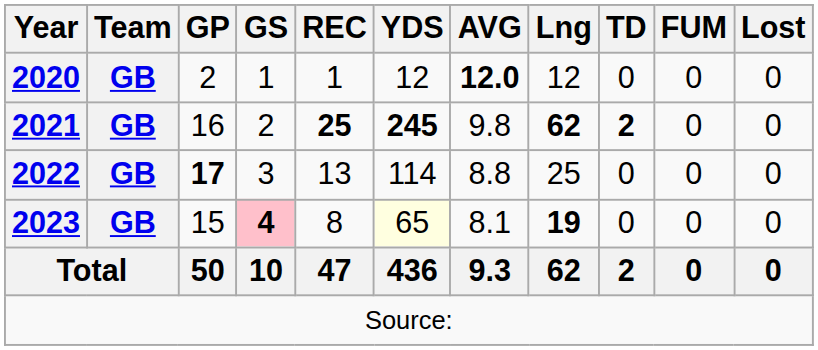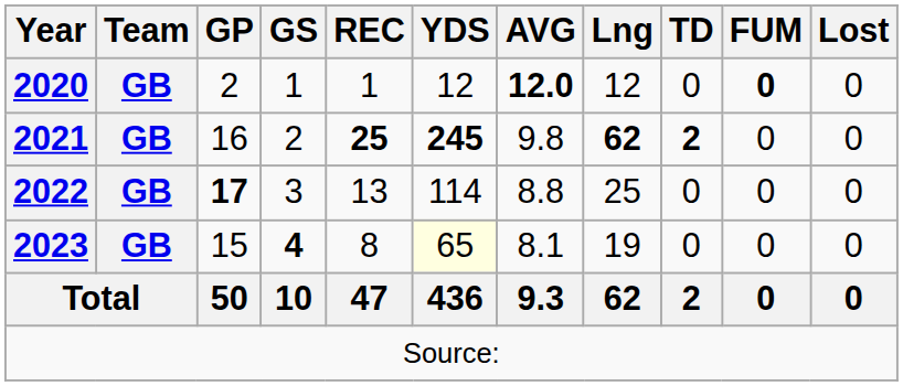 <table class="wikitable" style="text-align:center">
 <tr>
 <th>Year</th>
 <th>Team</th>
 <th>GP</th>
 <th>GS</th>
 <th>REC</th>
 <th>YDS</th>
 <th>AVG</th>
 <th>Lng</th>
 <th>TD</th>
 <th>FUM</th>
 <th>Lost</th>
 </tr>
 <tr>
 <th><a href='#'>2020</a></th>
 <th><a href='#'>GB</a></th>
 <td>2</td>
 <td>1</td>
 <td>1</td>
 <td>12</td>
 <td><strong>12.0</strong></td>
 <td>12</td>
 <td>0</td>
-<td>0</td>
+<td><strong>0</strong></td>
 <td>0</td>
 </tr>
 <tr>
 <th><a href='#'>2021</a></th>
 <th><a href='#'>GB</a></th>
 <td>16</td>
 <td>2</td>
 <td><strong>25</strong></td>
 <td><strong>245</strong></td>
 <td>9.8</td>
 <td><strong>62</strong></td>
 <td><strong>2</strong></td>
 <td>0</td>
 <td>0</td>
 </tr>
 <tr>
 <th><a href='#'>2022</a></th>
 <th><a href='#'>GB</a></th>
 <td><strong>17</strong></td>
 <td>3</td>
 <td>13</td>
 <td>114</td>
 <td>8.8</td>
 <td>25</td>
 <td>0</td>
 <td>0</td>
 <td>0</td>
 </tr>
 <tr>
 <th><a href='#'>2023</a></th>
 <th><a href='#'>GB</a></th>
 <td>15</td>
-<td style="background: pink;"><strong>4</strong></td>
+<td><strong>4</strong></td>
 <td>8</td>
 <td style="background: lightyellow;">65</td>
 <td>8.1</td>
-<td><strong>19</strong></td>
+<td>19</td>
 <td>0</td>
 <td>0</td>
 <td>0</td>
 </tr>
 <tr>
 <th colspan="2">Total</th>
 <th>50</th>
 <th>10</th>
 <th>47</th>
 <th>436</th>
 <th>9.3</th>
 <th>62</th>
 <th>2</th>
 <th>0</th>
 <th>0</th>
 </tr>
 <tr>
 <td colspan="11"><small>Source: </small></td>
 </tr>
 </table>
